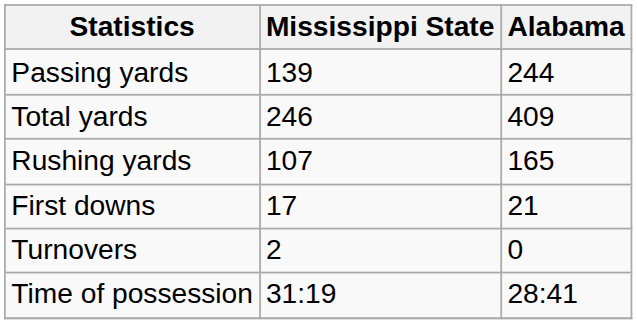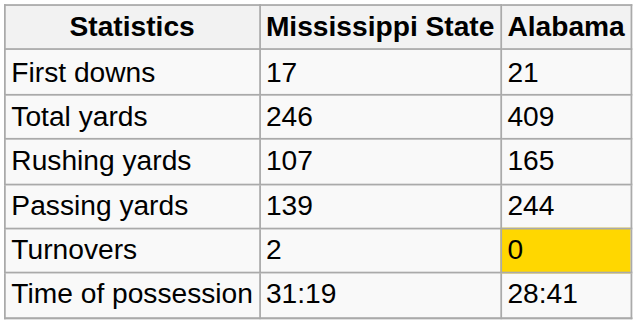 <table class="wikitable" style="float: left;">
 <tr>
 <th>Statistics</th>
 <th>Mississippi State</th>
 <th>Alabama</th>
 </tr>
 <tr>
-<td>Passing yards</td>
-<td>139</td>
-<td>244</td>
+<td>First downs</td>
+<td>17</td>
+<td>21</td>
 </tr>
 <tr>
 <td>Total yards</td>
 <td>246</td>
 <td>409</td>
 </tr>
 <tr>
 <td>Rushing yards</td>
 <td>107</td>
 <td>165</td>
 </tr>
 <tr>
-<td>First downs</td>
-<td>17</td>
-<td>21</td>
+<td>Passing yards</td>
+<td>139</td>
+<td>244</td>
 </tr>
 <tr>
 <td>Turnovers</td>
 <td>2</td>
-<td>0</td>
+<td style="background: gold;">0</td>
 </tr>
 <tr>
 <td>Time of possession</td>
 <td>31:19</td>
 <td>28:41</td>
 </tr>
 <tr>
 </tr>
 </table>
